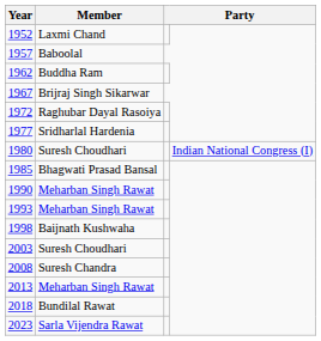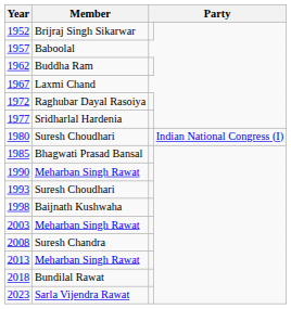 <table class="wikitable">
 <tr>
 <th>Year</th>
 <th>Member</th>
 <th colspan="2">Party</th>
 </tr>
 <tr>
 <td><a href='#'>1952</a></td>
-<td>Laxmi Chand</td>
+<td>Brijraj Singh Sikarwar</td>
 <td></td>
 </tr>
 <tr>
 <td><a href='#'>1957</a></td>
 <td>Baboolal</td>
 </tr>
 <tr>
 <td><a href='#'>1962</a></td>
 <td>Buddha Ram</td>
 <td></td>
 </tr>
 <tr>
 <td><a href='#'>1967</a></td>
-<td>Brijraj Singh Sikarwar</td>
+<td>Laxmi Chand</td>
 </tr>
 <tr>
 <td><a href='#'>1972</a></td>
 <td>Raghubar Dayal Rasoiya</td>
 <td></td>
 </tr>
 <tr>
 <td><a href='#'>1977</a></td>
 <td>Sridharlal Hardenia</td>
 <td></td>
 </tr>
 <tr>
 <td><a href='#'>1980</a></td>
 <td>Suresh Choudhari</td>
 <td style="background-color: "></td>
 <td><a href='#'>Indian National Congress (I)</a></td>
 </tr>
 <tr>
 <td><a href='#'>1985</a></td>
 <td>Bhagwati Prasad Bansal</td>
 <td></td>
 </tr>
 <tr>
 <td><a href='#'>1990</a></td>
 <td><a href='#'>Meharban Singh Rawat</a></td>
 <td></td>
 </tr>
 <tr>
 <td><a href='#'>1993</a></td>
-<td><a href='#'>Meharban Singh Rawat</a></td>
+<td>Suresh Choudhari</td>
 <td></td>
 </tr>
 <tr>
 <td><a href='#'>1998</a></td>
 <td>Baijnath Kushwaha</td>
 <td></td>
 </tr>
 <tr>
 <td><a href='#'>2003</a></td>
-<td>Suresh Choudhari</td>
+<td><a href='#'>Meharban Singh Rawat</a></td>
 <td></td>
 </tr>
 <tr>
 <td><a href='#'>2008</a></td>
 <td>Suresh Chandra</td>
 <td></td>
 </tr>
 <tr>
 <td><a href='#'>2013</a></td>
 <td><a href='#'>Meharban Singh Rawat</a></td>
 <td></td>
 </tr>
 <tr>
 <td><a href='#'>2018</a></td>
 <td>Bundilal Rawat</td>
 <td></td>
 </tr>
 <tr>
 <td><a href='#'>2023</a></td>
 <td><a href='#'>Sarla Vijendra Rawat</a></td>
 <td></td>
 </tr>
 </table>
